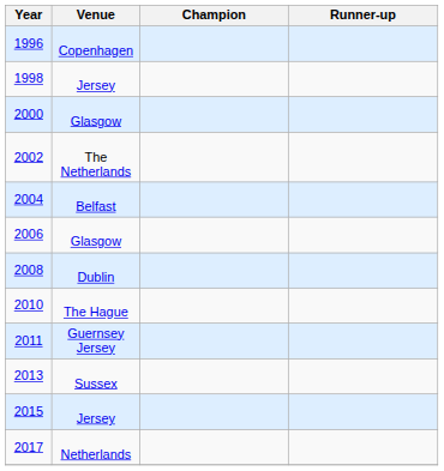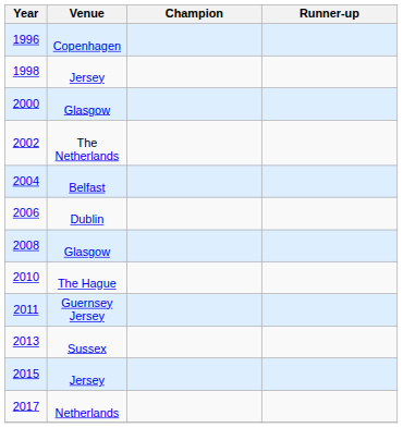 <table class="wikitable">
 <tr>
 <th width=50>Year</th>
 <th width=100>Venue</th>
 <th width=175>Champion</th>
 <th width=175>Runner-up</th>
 </tr>
 <tr align="center" style="background:#ddeeff">
 <td><a href='#'>1996</a></td>
 <td><br><a href='#'>Copenhagen</a></td>
 <td></td>
 <td></td>
 </tr>
 <tr align="center">
 <td><a href='#'>1998</a></td>
 <td><br><a href='#'>Jersey</a></td>
 <td></td>
 <td></td>
 </tr>
 <tr align="center" style="background:#ddeeff">
 <td><a href='#'>2000</a></td>
 <td><br><a href='#'>Glasgow</a></td>
 <td></td>
 <td></td>
 </tr>
 <tr align="center">
 <td><a href='#'>2002</a></td>
 <td><br>The <a href='#'>Netherlands</a></td>
 <td></td>
 <td></td>
 </tr>
 <tr align="center" style="background:#ddeeff">
 <td><a href='#'>2004</a></td>
 <td><br><a href='#'>Belfast</a></td>
 <td></td>
 <td></td>
 </tr>
 <tr align="center">
 <td><a href='#'>2006</a></td>
-<td><br><a href='#'>Glasgow</a></td>
+<td><br><a href='#'>Dublin</a></td>
 <td></td>
 <td></td>
 </tr>
 <tr align="center" style="background:#ddeeff">
 <td><a href='#'>2008</a></td>
-<td><br><a href='#'>Dublin</a></td>
+<td><br><a href='#'>Glasgow</a></td>
 <td></td>
 <td></td>
 </tr>
 <tr align="center">
 <td><a href='#'>2010</a></td>
 <td><br><a href='#'>The Hague</a></td>
 <td></td>
 <td></td>
 </tr>
 <tr align="center" style="background:#ddeeff">
 <td><a href='#'>2011</a></td>
 <td> <a href='#'>Guernsey</a><br> <a href='#'>Jersey</a></td>
 <td></td>
 <td></td>
 </tr>
 <tr align="center">
 <td><a href='#'>2013</a></td>
 <td><br><a href='#'>Sussex</a></td>
 <td></td>
 <td></td>
 </tr>
 <tr align="center" style="background:#ddeeff">
 <td><a href='#'>2015</a></td>
 <td><br><a href='#'>Jersey</a></td>
 <td></td>
 <td></td>
 </tr>
 <tr align="center">
 <td><a href='#'>2017</a></td>
 <td><br><a href='#'>Netherlands</a></td>
 <td></td>
 <td></td>
 </tr>
 <tr align="center">
 </tr>
 </table>
